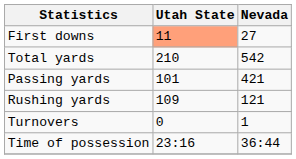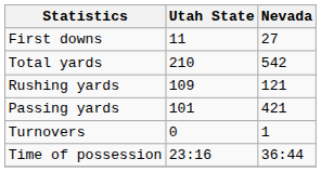 <table class="wikitable">
 <tr>
 <th>Statistics</th>
 <th>Utah State</th>
 <th>Nevada</th>
 </tr>
 <tr>
 <td>First downs</td>
-<td style="background: lightsalmon;">11</td>
+<td>11</td>
 <td>27</td>
 </tr>
 <tr>
 <td>Total yards</td>
 <td>210</td>
 <td>542</td>
 </tr>
 <tr>
+<td>Rushing yards</td>
+<td>109</td>
+<td>121</td>
+</tr>
+<tr>
 <td>Passing yards</td>
 <td>101</td>
 <td>421</td>
-</tr>
-<tr>
-<td>Rushing yards</td>
-<td>109</td>
-<td>121</td>
 </tr>
 <tr>
 <td>Turnovers</td>
 <td>0</td>
 <td>1</td>
 </tr>
 <tr>
 <td>Time of possession</td>
 <td>23:16</td>
 <td>36:44</td>
 </tr>
 <tr>
 </tr>
 </table>
